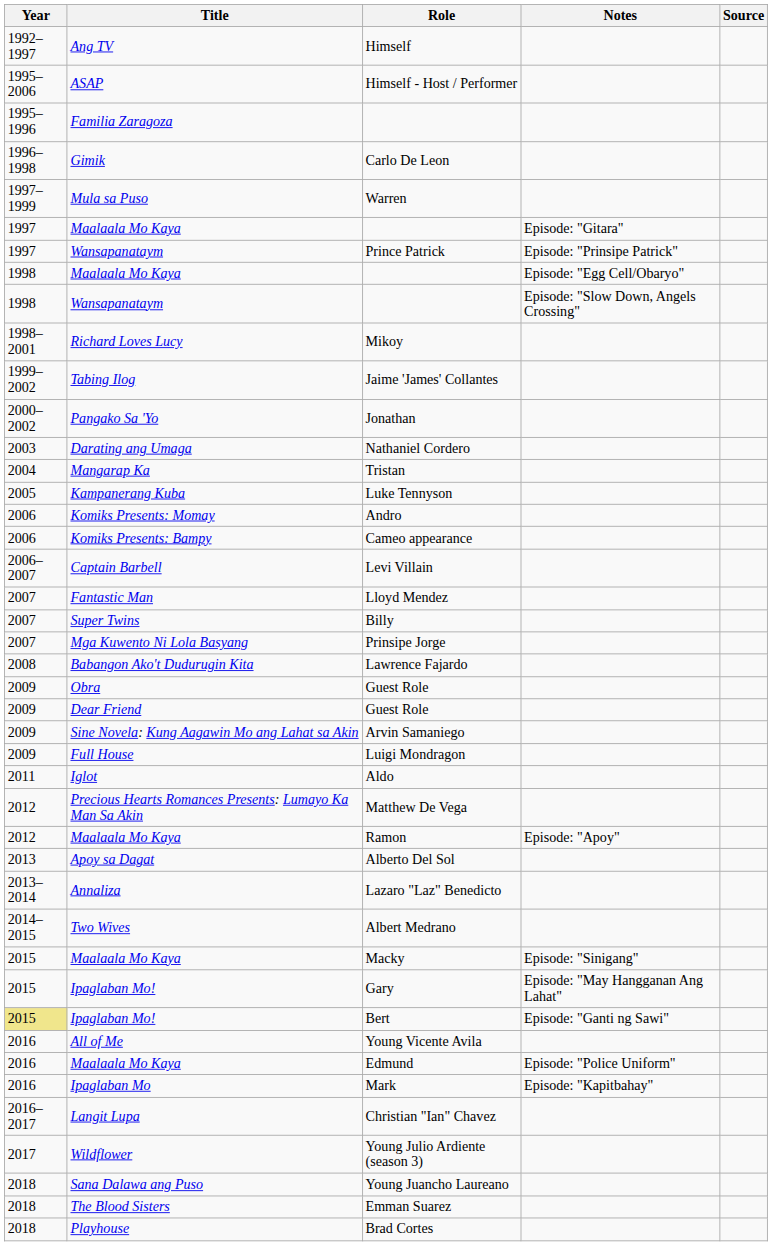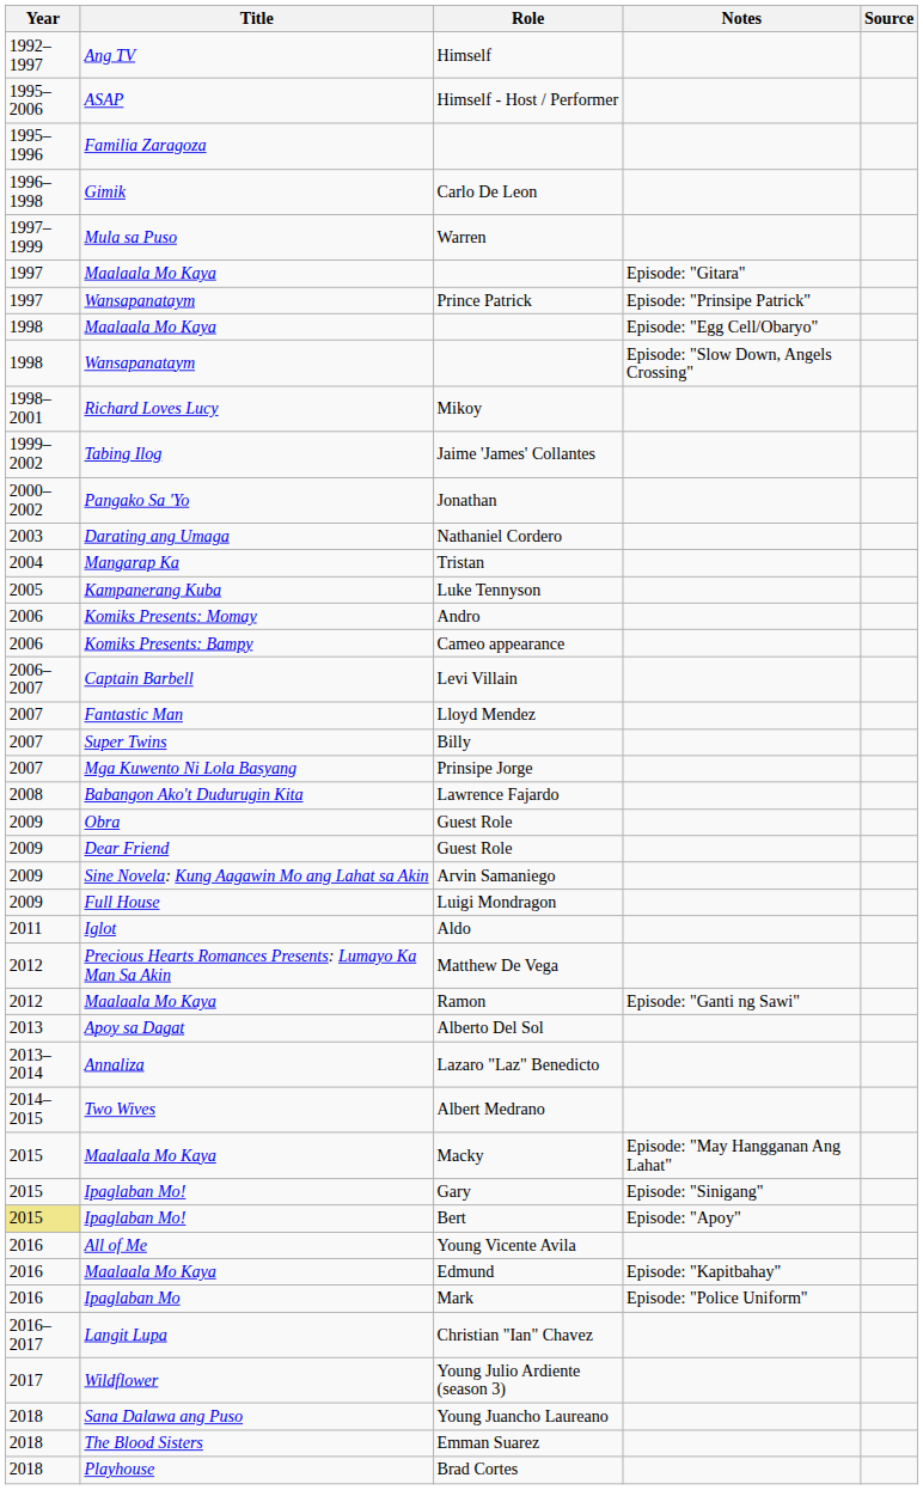 <table class="wikitable sortable" >
 <tr>
 <th>Year</th>
 <th>Title</th>
 <th>Role</th>
 <th class="unsortable">Notes </th>
 <th class="unsortable">Source </th>
 </tr>
 <tr>
 <td>1992–1997</td>
 <td><em><a href='#'>Ang TV</a></em></td>
 <td>Himself</td>
 <td></td>
 <td></td>
 </tr>
 <tr>
 <td>1995–2006</td>
 <td><em><a href='#'>ASAP</a></em></td>
 <td>Himself - Host / Performer</td>
 <td></td>
 <td></td>
 </tr>
 <tr>
 <td>1995–1996</td>
 <td><em><a href='#'>Familia Zaragoza</a></em></td>
 <td></td>
 <td></td>
 <td></td>
 </tr>
 <tr>
 <td>1996–1998</td>
 <td><em><a href='#'>Gimik</a></em></td>
 <td>Carlo De Leon</td>
 <td></td>
 <td></td>
 </tr>
 <tr>
 <td>1997–1999</td>
 <td><em><a href='#'>Mula sa Puso</a></em></td>
 <td>Warren</td>
 <td></td>
 <td></td>
 </tr>
 <tr>
 <td>1997</td>
 <td><em><a href='#'>Maalaala Mo Kaya</a></em></td>
 <td></td>
 <td>Episode: "Gitara"</td>
 <td></td>
 </tr>
 <tr>
 <td>1997</td>
 <td><em><a href='#'>Wansapanataym</a></em></td>
 <td>Prince Patrick</td>
 <td>Episode: "Prinsipe Patrick"</td>
 <td></td>
 </tr>
 <tr>
 <td>1998</td>
 <td><em><a href='#'>Maalaala Mo Kaya</a></em></td>
 <td></td>
 <td>Episode: "Egg Cell/Obaryo"</td>
 <td></td>
 </tr>
 <tr>
 <td>1998</td>
 <td><em><a href='#'>Wansapanataym</a></em></td>
 <td></td>
 <td>Episode: "Slow Down, Angels Crossing"</td>
 <td></td>
 </tr>
 <tr>
 <td>1998–2001</td>
 <td><em><a href='#'>Richard Loves Lucy</a></em></td>
 <td>Mikoy</td>
 <td></td>
 <td></td>
 </tr>
 <tr>
 <td>1999–2002</td>
 <td><em><a href='#'>Tabing Ilog</a></em></td>
 <td>Jaime 'James' Collantes</td>
 <td></td>
 <td></td>
 </tr>
 <tr>
 <td>2000–2002</td>
 <td><em><a href='#'>Pangako Sa 'Yo</a></em></td>
 <td>Jonathan</td>
 <td></td>
 <td></td>
 </tr>
 <tr>
 <td>2003</td>
 <td><em><a href='#'>Darating ang Umaga</a></em></td>
 <td>Nathaniel Cordero</td>
 <td></td>
 <td></td>
 </tr>
 <tr>
 <td>2004</td>
 <td><em><a href='#'>Mangarap Ka</a></em></td>
 <td>Tristan</td>
 <td></td>
 <td></td>
 </tr>
 <tr>
 <td>2005</td>
 <td><em><a href='#'>Kampanerang Kuba</a></em></td>
 <td>Luke Tennyson</td>
 <td></td>
 <td></td>
 </tr>
 <tr>
 <td>2006</td>
 <td><em><a href='#'>Komiks Presents: Momay</a></em></td>
 <td>Andro</td>
 <td></td>
 <td></td>
 </tr>
 <tr>
 <td>2006</td>
 <td><em><a href='#'>Komiks Presents: Bampy</a></em></td>
 <td>Cameo appearance</td>
 <td></td>
 <td></td>
 </tr>
 <tr>
 <td>2006–2007</td>
 <td><em><a href='#'>Captain Barbell</a></em></td>
 <td>Levi Villain</td>
 <td></td>
 <td></td>
 </tr>
 <tr>
 <td>2007</td>
 <td><em><a href='#'>Fantastic Man</a></em></td>
 <td>Lloyd Mendez</td>
 <td></td>
 <td></td>
 </tr>
 <tr>
 <td>2007</td>
 <td><em><a href='#'>Super Twins</a></em></td>
 <td>Billy</td>
 <td></td>
 <td></td>
 </tr>
 <tr>
 <td>2007</td>
 <td><em><a href='#'>Mga Kuwento Ni Lola Basyang</a></em></td>
 <td>Prinsipe Jorge</td>
 <td></td>
 <td></td>
 </tr>
 <tr>
 <td>2008</td>
 <td><em><a href='#'>Babangon Ako't Dudurugin Kita</a></em></td>
 <td>Lawrence Fajardo</td>
 <td></td>
 <td></td>
 </tr>
 <tr>
 <td>2009</td>
 <td><em><a href='#'>Obra</a></em></td>
 <td>Guest Role</td>
 <td></td>
 <td></td>
 </tr>
 <tr>
 <td>2009</td>
 <td><em><a href='#'>Dear Friend</a></em></td>
 <td>Guest Role</td>
 <td></td>
 <td></td>
 </tr>
 <tr>
 <td>2009</td>
 <td><em><a href='#'>Sine Novela</a>: <a href='#'>Kung Aagawin Mo ang Lahat sa Akin</a></em></td>
 <td>Arvin Samaniego</td>
 <td></td>
 <td></td>
 </tr>
 <tr>
 <td>2009</td>
 <td><em><a href='#'>Full House</a></em></td>
 <td>Luigi Mondragon</td>
 <td></td>
 <td></td>
 </tr>
 <tr>
 <td>2011</td>
 <td><em><a href='#'>Iglot</a></em></td>
 <td>Aldo</td>
 <td></td>
 <td></td>
 </tr>
 <tr>
 <td>2012</td>
 <td><em><a href='#'>Precious Hearts Romances Presents</a>: <a href='#'>Lumayo Ka Man Sa Akin</a></em></td>
 <td>Matthew De Vega</td>
 <td></td>
 <td></td>
 </tr>
 <tr>
 <td>2012</td>
 <td><em><a href='#'>Maalaala Mo Kaya</a></em></td>
 <td>Ramon</td>
-<td>Episode: "Apoy"</td>
+<td>Episode: "Ganti ng Sawi"</td>
 <td></td>
 </tr>
 <tr>
 <td>2013</td>
 <td><em><a href='#'>Apoy sa Dagat</a></em></td>
 <td>Alberto Del Sol</td>
 <td></td>
 <td></td>
 </tr>
 <tr>
 <td>2013–2014</td>
 <td><em><a href='#'>Annaliza</a></em></td>
 <td>Lazaro "Laz" Benedicto</td>
 <td></td>
 <td></td>
 </tr>
 <tr>
 <td>2014–2015</td>
 <td><em><a href='#'>Two Wives</a></em></td>
 <td>Albert Medrano</td>
 <td></td>
 <td></td>
 </tr>
 <tr>
 <td>2015</td>
 <td><em><a href='#'>Maalaala Mo Kaya</a></em></td>
 <td>Macky</td>
-<td>Episode: "Sinigang"</td>
+<td>Episode: "May Hangganan Ang Lahat"</td>
 <td></td>
 </tr>
 <tr>
 <td>2015</td>
 <td><em><a href='#'>Ipaglaban Mo!</a></em></td>
 <td>Gary</td>
-<td>Episode: "May Hangganan Ang Lahat"</td>
+<td>Episode: "Sinigang"</td>
 <td></td>
 </tr>
 <tr>
 <td style="background: khaki;">2015</td>
 <td><em><a href='#'>Ipaglaban Mo!</a></em></td>
 <td>Bert</td>
-<td>Episode: "Ganti ng Sawi"</td>
+<td>Episode: "Apoy"</td>
 <td></td>
 </tr>
 <tr>
 <td>2016</td>
 <td><em><a href='#'>All of Me</a></em></td>
 <td>Young Vicente Avila</td>
 <td></td>
 <td></td>
 </tr>
 <tr>
 <td>2016</td>
 <td><em><a href='#'>Maalaala Mo Kaya</a></em></td>
 <td>Edmund</td>
-<td>Episode: "Police Uniform"</td>
+<td>Episode: "Kapitbahay"</td>
 <td></td>
 </tr>
 <tr>
 <td>2016</td>
 <td><em><a href='#'>Ipaglaban Mo</a></em></td>
 <td>Mark</td>
-<td>Episode: "Kapitbahay"</td>
+<td>Episode: "Police Uniform"</td>
 <td></td>
 </tr>
 <tr>
 <td>2016–2017</td>
 <td><em><a href='#'>Langit Lupa</a></em></td>
 <td>Christian "Ian" Chavez</td>
 <td></td>
 <td></td>
 </tr>
 <tr>
 <td>2017</td>
 <td><em><a href='#'>Wildflower</a></em></td>
 <td>Young Julio Ardiente (season 3)</td>
 <td></td>
 <td></td>
 </tr>
 <tr>
 <td>2018</td>
 <td><em><a href='#'>Sana Dalawa ang Puso</a></em></td>
 <td>Young Juancho Laureano</td>
 <td></td>
 <td></td>
 </tr>
 <tr>
 <td>2018</td>
 <td><em><a href='#'>The Blood Sisters</a></em></td>
 <td>Emman Suarez</td>
 <td></td>
 <td></td>
 </tr>
 <tr>
 <td>2018</td>
 <td><em><a href='#'>Playhouse</a></em></td>
 <td>Brad Cortes</td>
 <td></td>
 <td></td>
 </tr>
 </table>
